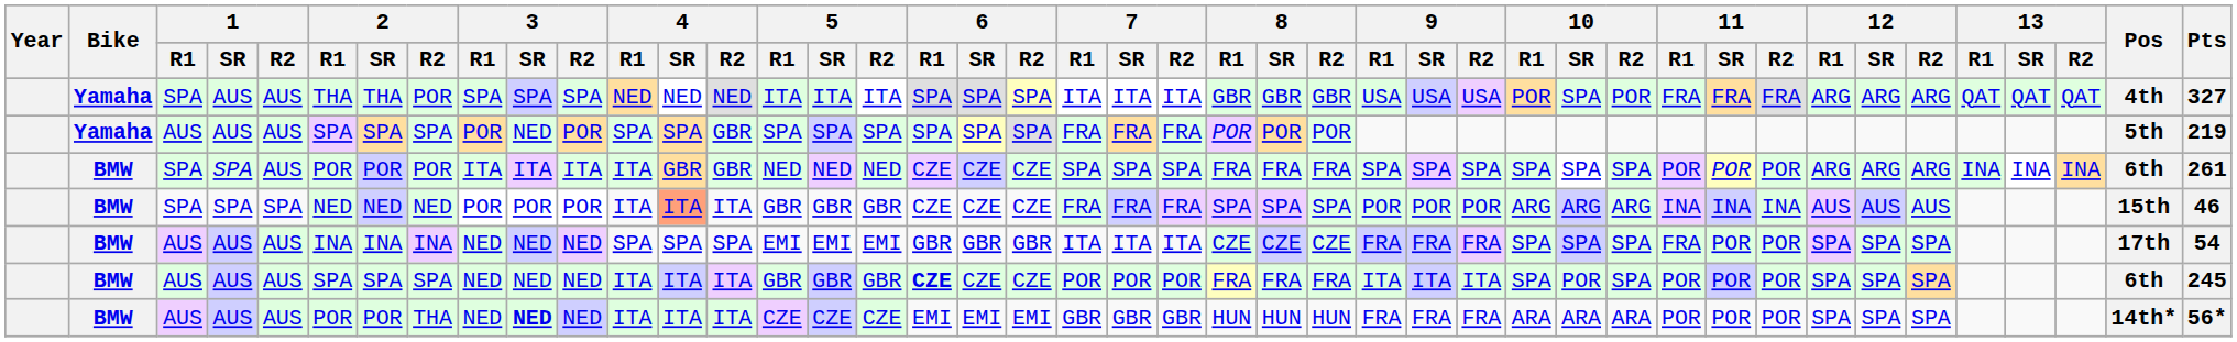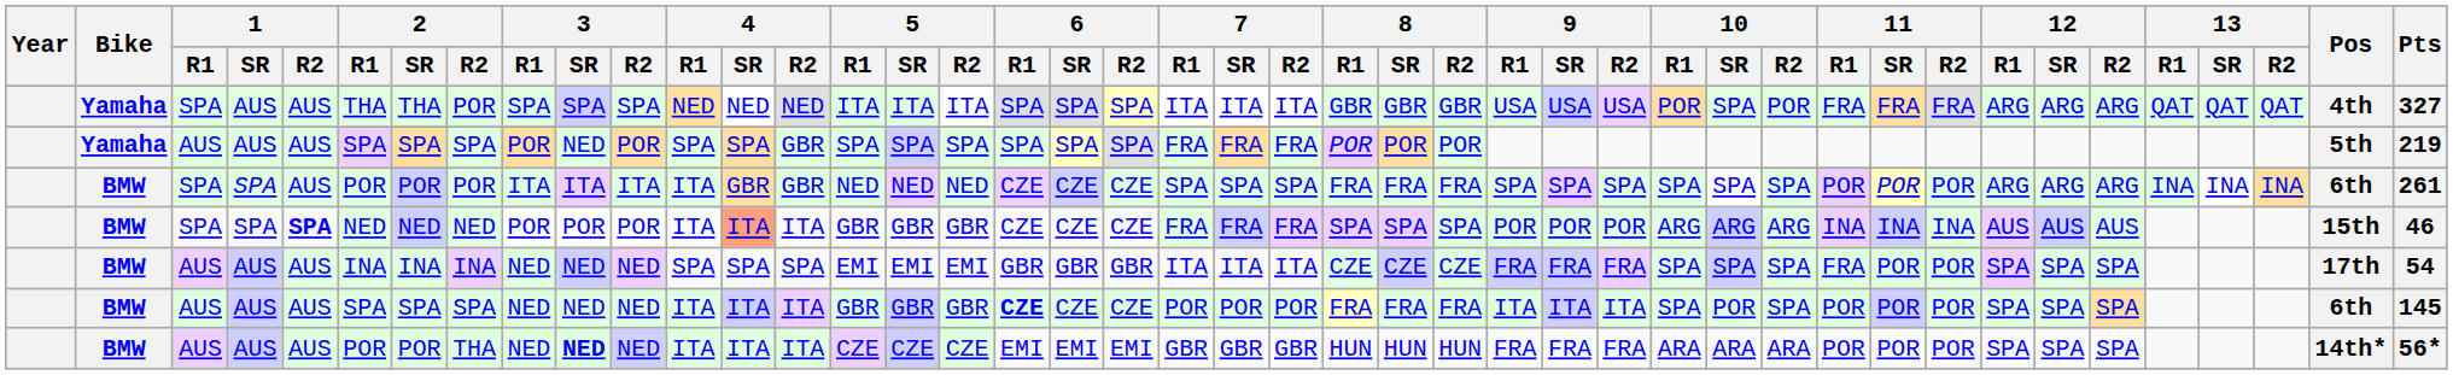 <table class="wikitable" style="text-align:center; font-size:90%;">
 <tr>
 <th rowspan="2">Year</th>
 <th rowspan="2">Bike</th>
 <th colspan="3">1</th>
 <th colspan="3">2</th>
 <th colspan="3">3</th>
 <th colspan="3">4</th>
 <th colspan="3">5</th>
 <th colspan="3">6</th>
 <th colspan="3">7</th>
 <th colspan="3">8</th>
 <th colspan="3">9</th>
 <th colspan="3">10</th>
 <th colspan="3">11</th>
 <th colspan="3">12</th>
 <th colspan="3">13</th>
 <th rowspan="2">Pos</th>
 <th rowspan="2">Pts</th>
 </tr>
 <tr>
 <th>R1</th>
 <th>SR</th>
 <th>R2</th>
 <th>R1</th>
 <th>SR</th>
 <th>R2</th>
 <th>R1</th>
 <th>SR</th>
 <th>R2</th>
 <th>R1</th>
 <th>SR</th>
 <th>R2</th>
 <th>R1</th>
 <th>SR</th>
 <th>R2</th>
 <th>R1</th>
 <th>SR</th>
 <th>R2</th>
 <th>R1</th>
 <th>SR</th>
 <th>R2</th>
 <th>R1</th>
 <th>SR</th>
 <th>R2</th>
 <th>R1</th>
 <th>SR</th>
 <th>R2</th>
 <th>R1</th>
 <th>SR</th>
 <th>R2</th>
 <th>R1</th>
 <th>SR</th>
 <th>R2</th>
 <th>R1</th>
 <th>SR</th>
 <th>R2</th>
 <th>R1</th>
 <th>SR</th>
 <th>R2</th>
 </tr>
 <tr>
 <th></th>
 <th><a href='#'>Yamaha</a></th>
 <td style="background:#dfffdf;"><a href='#'>SPA</a><br></td>
 <td style="background:#dfffdf;"><a href='#'>AUS</a><br></td>
 <td style="background:#dfffdf;"><a href='#'>AUS</a><br></td>
 <td style="background:#dfffdf;"><a href='#'>THA</a><br></td>
 <td style="background:#dfffdf;"><a href='#'>THA</a><br></td>
 <td style="background:#DFFFDF;"><a href='#'>POR</a><br></td>
 <td style="background:#dfffdf;"><a href='#'>SPA</a><br></td>
 <td style="background:#cfcfff;"><a href='#'>SPA</a><br></td>
 <td style="background:#dfffdf;"><a href='#'>SPA</a><br></td>
 <td style="background:#ffdf9f;"><a href='#'>NED</a><br></td>
 <td style="background:#ffffff;"><a href='#'>NED</a><br></td>
 <td style="background:#dfdfdf;"><a href='#'>NED</a><br></td>
 <td style="background:#dfffdf;"><a href='#'>ITA</a><br></td>
 <td style="background:#dfffdf;"><a href='#'>ITA</a><br></td>
 <td style="background:#ffffff;"><a href='#'>ITA</a><br></td>
 <td style="background:#dfdfdf;"><a href='#'>SPA</a><br></td>
 <td style="background:#dfdfdf;"><a href='#'>SPA</a><br></td>
 <td style="background:#ffffbf;"><a href='#'>SPA</a><br></td>
 <td style="background:#ffffff;"><a href='#'>ITA</a><br></td>
 <td style="background:#ffffff;"><a href='#'>ITA</a><br></td>
 <td style="background:#ffffff;"><a href='#'>ITA</a><br></td>
 <td style="background:#dfffdf;"><a href='#'>GBR</a><br></td>
 <td style="background:#dfffdf;"><a href='#'>GBR</a><br></td>
 <td style="background:#dfffdf;"><a href='#'>GBR</a><br></td>
 <td style="background:#dfffdf;"><a href='#'>USA</a><br></td>
 <td style="background:#cfcfff;"><a href='#'>USA</a><br></td>
 <td style="background:#efcfff;"><a href='#'>USA</a><br></td>
 <td style="background:#ffdf9f;"><a href='#'>POR</a><br></td>
 <td style="background:#DFFFDF;"><a href='#'>SPA</a><br></td>
 <td style="background:#dfffdf;"><a href='#'>POR</a><br></td>
 <td style="background:#dfffdf;"><a href='#'>FRA</a><br></td>
 <td style="background:#ffdf9f;"><a href='#'>FRA</a><br></td>
 <td style="background:#dfdfdf;"><a href='#'>FRA</a><br></td>
 <td style="background:#dfffdf;"><a href='#'>ARG</a><br></td>
 <td style="background:#dfffdf;"><a href='#'>ARG</a><br></td>
 <td style="background:#dfffdf;"><a href='#'>ARG</a><br></td>
 <td style="background:#dfffdf;"><a href='#'>QAT</a><br></td>
 <td style="background:#dfffdf;"><a href='#'>QAT</a><br></td>
 <td style="background:#dfffdf;"><a href='#'>QAT</a><br></td>
 <th>4th</th>
 <th>327</th>
 </tr>
 <tr>
 <th></th>
 <th><a href='#'>Yamaha</a></th>
 <td style="background:#dfffdf;"><a href='#'>AUS</a><br></td>
 <td style="background:#dfffdf;"><a href='#'>AUS</a><br></td>
 <td style="background:#dfffdf;"><a href='#'>AUS</a><br></td>
 <td style="background:#efcfff;"><a href='#'>SPA</a><br></td>
 <td style="background:#ffdf9f;"><a href='#'>SPA</a><br></td>
 <td style="background:#dfffdf;"><a href='#'>SPA</a><br></td>
 <td style="background:#ffdf9f;"><a href='#'>POR</a><br></td>
 <td style="background:#DFFFDF;"><a href='#'>NED</a><br></td>
 <td style="background:#ffdf9f;"><a href='#'>POR</a><br></td>
 <td style="background:#dfffdf;"><a href='#'>SPA</a><br></td>
 <td style="background:#ffdf9f;"><a href='#'>SPA</a><br></td>
 <td style="background:#dfffdf;"><a href='#'>GBR</a><br></td>
 <td style="background:#dfffdf;"><a href='#'>SPA</a><br></td>
 <td style="background:#cfcfff;"><a href='#'>SPA</a><br></td>
 <td style="background:#dfffdf;"><a href='#'>SPA</a><br></td>
 <td style="background:#dfffdf;"><a href='#'>SPA</a><br></td>
 <td style="background:#ffffbf;"><a href='#'>SPA</a><br></td>
 <td style="background:#dfdfdf;"><a href='#'>SPA</a><br></td>
 <td style="background:#dfffdf;"><a href='#'>FRA</a><br></td>
 <td style="background:#ffdf9f;"><a href='#'>FRA</a><br></td>
 <td style="background:#dfffdf;"><a href='#'>FRA</a><br></td>
 <td style="background:#efcfff;"><em><a href='#'>POR</a></em><br></td>
 <td style="background:#ffdf9f;"><a href='#'>POR</a><br></td>
 <td style="background:#dfffdf;"><a href='#'>POR</a><br></td>
 <td></td>
 <td></td>
 <td></td>
 <td></td>
 <td></td>
 <td></td>
 <td></td>
 <td></td>
 <td></td>
 <td></td>
 <td></td>
 <td></td>
 <td></td>
 <td></td>
 <td></td>
 <th>5th</th>
 <th>219</th>
 </tr>
 <tr>
 <th></th>
 <th><a href='#'>BMW</a></th>
 <td style="background:#dfffdf;"><a href='#'>SPA</a><br></td>
 <td style="background:#dfffdf;"><em><a href='#'>SPA</a></em><br></td>
 <td style="background:#dfffdf;"><a href='#'>AUS</a><br></td>
 <td style="background:#dfffdf;"><a href='#'>POR</a><br></td>
 <td style="background:#cfcfff;"><a href='#'>POR</a><br></td>
 <td style="background:#dfffdf;"><a href='#'>POR</a><br></td>
 <td style="background:#dfffdf;"><a href='#'>ITA</a><br></td>
 <td style="background:#efcfff;"><a href='#'>ITA</a><br></td>
 <td style="background:#dfffdf;"><a href='#'>ITA</a><br></td>
 <td style="background:#DFFFDF;"><a href='#'>ITA</a><br></td>
 <td style="background:#ffdf9f;"><a href='#'>GBR</a><br></td>
 <td style="background:#dfffdf;"><a href='#'>GBR</a><br></td>
 <td style="background:#dfffdf;"><a href='#'>NED</a><br></td>
 <td style="background:#efcfff;"><a href='#'>NED</a><br></td>
 <td style="background:#dfffdf;"><a href='#'>NED</a><br></td>
 <td style="background:#efcfff;"><a href='#'>CZE</a><br></td>
 <td style="background:#cfcfff;"><a href='#'>CZE</a><br></td>
 <td style="background:#dfffdf;"><a href='#'>CZE</a><br> </td>
 <td style="background:#dfffdf;"><a href='#'>SPA</a><br></td>
 <td style="background:#dfffdf;"><a href='#'>SPA</a><br></td>
 <td style="background:#dfffdf;"><a href='#'>SPA</a><br></td>
 <td style="background:#dfffdf;"><a href='#'>FRA</a><br></td>
 <td style="background:#dfffdf;"><a href='#'>FRA</a><br></td>
 <td style="background:#dfffdf;"><a href='#'>FRA</a><br></td>
 <td style="background:#dfffdf;"><a href='#'>SPA</a><br></td>
 <td style="background:#efcfff;"><a href='#'>SPA</a><br></td>
 <td style="background:#dfffdf;"><a href='#'>SPA</a><br></td>
 <td style="background:#dfffdf;"><a href='#'>SPA</a><br></td>
 <td style="background:#ffffff;"><a href='#'>SPA</a><br></td>
 <td style="background:#dfffdf;"><a href='#'>SPA</a><br></td>
 <td style="background:#efcfff;"><a href='#'>POR</a><br></td>
 <td style="background:#ffffbf;"><em><a href='#'>POR</a></em><br></td>
 <td style="background:#dfffdf;"><a href='#'>POR</a><br></td>
 <td style="background:#dfffdf;"><a href='#'>ARG</a><br></td>
 <td style="background:#dfffdf;"><a href='#'>ARG</a><br></td>
 <td style="background:#dfffdf;"><a href='#'>ARG</a><br></td>
 <td style="background:#dfffdf;"><a href='#'>INA</a><br></td>
 <td style="background:#ffffff;"><a href='#'>INA</a><br></td>
 <td style="background:#ffdf9f;"><a href='#'>INA</a><br></td>
 <th>6th</th>
 <th>261</th>
 </tr>
 <tr>
 <th></th>
 <th><a href='#'>BMW</a></th>
 <td><a href='#'>SPA</a></td>
 <td><a href='#'>SPA</a></td>
-<td><a href='#'>SPA</a></td>
+<td><strong><a href='#'>SPA</a></strong></td>
 <td style="background:#dfffdf;"><a href='#'>NED</a><br></td>
 <td style="background:#cfcfff;"><a href='#'>NED</a><br></td>
 <td style="background:#DFFFDF;"><a href='#'>NED</a><br></td>
 <td style="background:#ffffff;"><a href='#'>POR</a><br></td>
 <td style="background:#ffffff;"><a href='#'>POR</a><br></td>
 <td style="background:#ffffff;"><a href='#'>POR</a><br></td>
 <td><a href='#'>ITA</a></td>
 <td style="background: lightsalmon;"><a href='#'>ITA</a></td>
 <td><a href='#'>ITA</a></td>
 <td><a href='#'>GBR</a></td>
 <td><a href='#'>GBR</a></td>
 <td><a href='#'>GBR</a></td>
 <td><a href='#'>CZE</a></td>
 <td><a href='#'>CZE</a></td>
 <td><a href='#'>CZE</a></td>
 <td style="background:#dfffdf;"><a href='#'>FRA</a><br></td>
 <td style="background:#cfcfff;"><a href='#'>FRA</a><br></td>
 <td style="background:#efcfff;"><a href='#'>FRA</a><br></td>
 <td style="background:#efcfff;"><a href='#'>SPA</a><br></td>
 <td style="background:#efcfff;"><a href='#'>SPA</a><br></td>
 <td style="background:#dfffdf;"><a href='#'>SPA</a><br></td>
 <td style="background:#dfffdf;"><a href='#'>POR</a><br></td>
 <td style="background:#dfffdf;"><a href='#'>POR</a><br></td>
 <td style="background:#dfffdf;"><a href='#'>POR</a><br></td>
 <td style="background:#dfffdf;"><a href='#'>ARG</a><br></td>
 <td style="background:#cfcfff;"><a href='#'>ARG</a><br></td>
 <td style="background:#dfffdf;"><a href='#'>ARG</a><br></td>
 <td style="background:#efcfff;"><a href='#'>INA</a><br></td>
 <td style="background:#cfcfff;"><a href='#'>INA</a><br></td>
 <td style="background:#dfffdf;"><a href='#'>INA</a><br></td>
 <td style="background:#efcfff;"><a href='#'>AUS</a><br></td>
 <td style="background:#cfcfff;"><a href='#'>AUS</a><br></td>
 <td style="background:#dfffdf;"><a href='#'>AUS</a><br></td>
 <td></td>
 <td></td>
 <td></td>
 <th>15th</th>
 <th>46</th>
 </tr>
 <tr>
 <th></th>
 <th><a href='#'>BMW</a></th>
 <td style="background:#efcfff;"><a href='#'>AUS</a><br></td>
 <td style="background:#cfcfff;"><a href='#'>AUS</a><br></td>
 <td style="background:#dfffdf;"><a href='#'>AUS</a><br></td>
 <td style="background:#dfffdf;"><a href='#'>INA</a><br></td>
 <td style="background:#dfffdf;"><a href='#'>INA</a><br></td>
 <td style="background:#efcfff;"><a href='#'>INA</a><br></td>
 <td style="background:#dfffdf;"><a href='#'>NED</a><br></td>
 <td style="background:#cfcfff;"><a href='#'>NED</a><br></td>
 <td style="background:#efcfff;"><a href='#'>NED</a><br></td>
 <td><a href='#'>SPA</a></td>
 <td><a href='#'>SPA</a></td>
 <td><a href='#'>SPA</a></td>
 <td><a href='#'>EMI</a></td>
 <td><a href='#'>EMI</a></td>
 <td><a href='#'>EMI</a></td>
 <td><a href='#'>GBR</a></td>
 <td><a href='#'>GBR</a></td>
 <td><a href='#'>GBR</a></td>
 <td><a href='#'>ITA</a></td>
 <td><a href='#'>ITA</a></td>
 <td><a href='#'>ITA</a></td>
 <td style="background:#dfffdf;"><a href='#'>CZE</a><br></td>
 <td style="background:#cfcfff;"><a href='#'>CZE</a><br></td>
 <td style="background:#dfffdf;"><a href='#'>CZE</a><br></td>
 <td style="background:#cfcfff;"><a href='#'>FRA</a><br></td>
 <td style="background:#cfcfff;"><a href='#'>FRA</a><br></td>
 <td style="background:#efcfff;"><a href='#'>FRA</a><br></td>
 <td style="background:#dfffdf;"><a href='#'>SPA</a><br></td>
 <td style="background:#cfcfff;"><a href='#'>SPA</a><br></td>
 <td style="background:#dfffdf;"><a href='#'>SPA</a><br></td>
 <td style="background:#dfffdf;"><a href='#'>FRA</a><br></td>
 <td style="background:#dfffdf;"><a href='#'>POR</a><br></td>
 <td style="background:#dfffdf;"><a href='#'>POR</a><br></td>
 <td style="background:#efcfff;"><a href='#'>SPA</a><br></td>
 <td style="background:#dfffdf;"><a href='#'>SPA</a><br></td>
 <td style="background:#dfffdf;"><a href='#'>SPA</a><br></td>
 <td></td>
 <td></td>
 <td></td>
 <th>17th</th>
 <th>54</th>
 </tr>
 <tr>
 <th></th>
 <th><a href='#'>BMW</a></th>
 <td style="background:#DFFFDF;"><a href='#'>AUS</a><br></td>
 <td style="background:#CFCFFF;"><a href='#'>AUS</a><br></td>
 <td style="background:#DFFFDF;"><a href='#'>AUS</a><br></td>
 <td style="background:#DFFFDF;"><a href='#'>SPA</a><br></td>
 <td style="background:#DFFFDF;"><a href='#'>SPA</a><br></td>
 <td style="background:#DFFFDF;"><a href='#'>SPA</a><br></td>
 <td style="background:#DFFFDF;"><a href='#'>NED</a><br></td>
 <td style="background:#DFFFDF;"><a href='#'>NED</a><br></td>
 <td style="background:#DFFFDF;"><a href='#'>NED</a><br></td>
 <td style="background:#DFFFDF;"><a href='#'>ITA</a><br></td>
 <td style="background:#CFCFFF;"><a href='#'>ITA</a><br></td>
 <td style="background:#EFCFFF;"><a href='#'>ITA</a><br></td>
 <td style="background:#DFFFDF;"><a href='#'>GBR</a><br></td>
 <td style="background:#CFCFFF;"><a href='#'>GBR</a><br></td>
 <td style="background:#DFFFDF;"><a href='#'>GBR</a><br></td>
 <td style="background:#DFFFDF;"><strong><a href='#'>CZE</a><br></strong></td>
 <td style="background:#DFFFDF;"><a href='#'>CZE</a><br></td>
 <td style="background:#DFFFDF;"><a href='#'>CZE</a><br></td>
 <td style="background:#DFFFDF;"><a href='#'>POR</a><br></td>
 <td style="background:#DFFFDF;"><a href='#'>POR</a><br></td>
 <td style="background:#DFFFDF;"><a href='#'>POR</a><br></td>
 <td style="background:#FFFFBF;"><a href='#'>FRA</a><br></td>
 <td style="background:#DFFFDF;"><a href='#'>FRA</a><br></td>
 <td style="background:#DFFFDF;"><a href='#'>FRA</a><br></td>
 <td style="background:#DFFFDF;"><a href='#'>ITA</a><br></td>
 <td style="background:#CFCFFF;"><a href='#'>ITA</a><br></td>
 <td style="background:#DFFFDF;"><a href='#'>ITA</a><br></td>
 <td style="background:#DFFFDF;"><a href='#'>SPA</a><br></td>
 <td style="background:#dfffdf;"><a href='#'>POR</a><br></td>
 <td style="background:#DFFFDF;"><a href='#'>SPA</a><br></td>
 <td style="background:#DFFFDF;"><a href='#'>POR</a><br></td>
 <td style="background:#CFCFFF;"><a href='#'>POR</a><br></td>
 <td style="background:#DFFFDF;"><a href='#'>POR</a><br></td>
 <td style="background:#DFFFDF;"><a href='#'>SPA</a><br></td>
 <td style="background:#DFFFDF;"><a href='#'>SPA</a><br></td>
 <td style="background:#FFDF9F;"><a href='#'>SPA</a><br></td>
 <td></td>
 <td></td>
 <td></td>
 <th>6th</th>
-<th>245</th>
+<th>145</th>
 </tr>
 <tr>
 <th></th>
 <th><a href='#'>BMW</a></th>
 <td style="background:#EFCFFF;"><a href='#'>AUS</a><br></td>
 <td style="background:#CFCFFF;"><a href='#'>AUS</a><br></td>
 <td style="background:#DFFFDF;"><a href='#'>AUS</a><br></td>
 <td style="background:#DFFFDF;"><a href='#'>POR</a><br></td>
 <td style="background:#DFFFDF;"><a href='#'>POR</a><br></td>
 <td style="background:#dfffdf;"><a href='#'>THA</a><br></td>
 <td style="background:#DFFFDF;"><a href='#'>NED</a><br></td>
 <td style="background:#DFFFDF;"><strong><a href='#'>NED</a><br></strong></td>
 <td style="background:#CFCFFF;"><a href='#'>NED</a><br></td>
 <td style="background:#DFFFDF;"><a href='#'>ITA</a><br></td>
 <td style="background:#DFFFDF;"><a href='#'>ITA</a><br></td>
 <td style="background:#DFFFDF;"><a href='#'>ITA</a><br></td>
 <td style="background:#EFCFFF;"><a href='#'>CZE</a><br></td>
 <td style="background:#CFCFFF;"><a href='#'>CZE</a><br></td>
 <td style="background:#DFFFDF;"><a href='#'>CZE</a><br></td>
 <td style="background:#;"><a href='#'>EMI</a><br></td>
 <td style="background:#;"><a href='#'>EMI</a><br></td>
 <td style="background:#;"><a href='#'>EMI</a><br></td>
 <td style="background:#;"><a href='#'>GBR</a><br></td>
 <td style="background:#;"><a href='#'>GBR</a><br></td>
 <td style="background:#;"><a href='#'>GBR</a><br></td>
 <td style="background:#;"><a href='#'>HUN</a><br></td>
 <td style="background:#;"><a href='#'>HUN</a><br></td>
 <td style="background:#;"><a href='#'>HUN</a><br></td>
 <td style="background:#;"><a href='#'>FRA</a><br></td>
 <td style="background:#;"><a href='#'>FRA</a><br></td>
 <td style="background:#;"><a href='#'>FRA</a><br></td>
 <td style="background:#;"><a href='#'>ARA</a><br></td>
 <td style="background:#;"><a href='#'>ARA</a><br></td>
 <td style="background:#;"><a href='#'>ARA</a><br></td>
 <td style="background:#;"><a href='#'>POR</a><br></td>
 <td style="background:#;"><a href='#'>POR</a><br></td>
 <td style="background:#;"><a href='#'>POR</a><br></td>
 <td style="background:#;"><a href='#'>SPA</a><br></td>
 <td style="background:#;"><a href='#'>SPA</a><br></td>
 <td style="background:#;"><a href='#'>SPA</a><br></td>
 <td></td>
 <td></td>
 <td></td>
 <th>14th*</th>
 <th>56*</th>
 </tr>
 </table>
